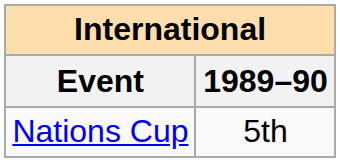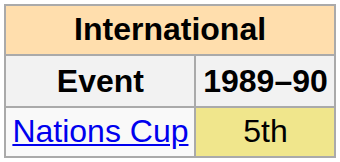 <table class="wikitable" style="text-align:center">
 <tr>
 <th style="background-color: #ffdead; " colspan=2 align=center>International</th>
 </tr>
 <tr>
 <th>Event</th>
 <th>1989–90</th>
 </tr>
 <tr>
 <td align=left><a href='#'>Nations Cup</a></td>
-<td>5th</td>
+<td style="background: khaki;">5th</td>
 </tr>
 </table>
